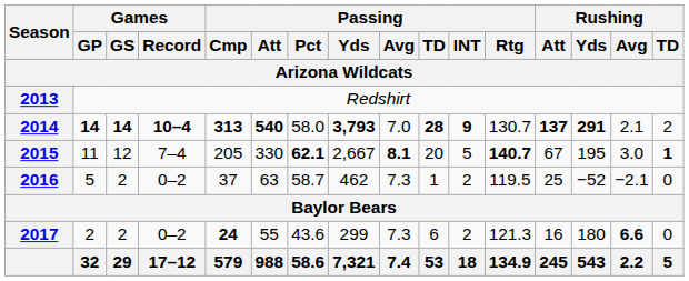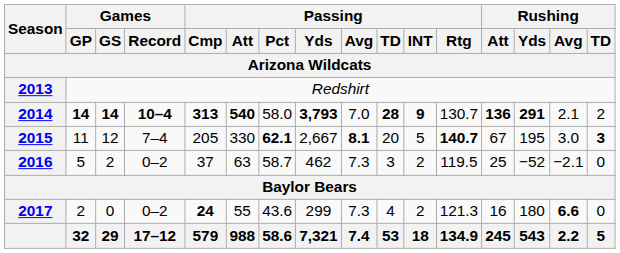 <table class="wikitable" style="text-align:center;">
 <tr>
 <th rowspan="2">Season</th>
 <th colspan="3">Games</th>
 <th colspan="8">Passing</th>
 <th colspan="4">Rushing</th>
 </tr>
 <tr>
 <th>GP</th>
 <th>GS</th>
 <th>Record</th>
 <th>Cmp</th>
 <th>Att</th>
 <th>Pct</th>
 <th>Yds</th>
 <th>Avg</th>
 <th>TD</th>
 <th>INT</th>
 <th>Rtg</th>
 <th>Att</th>
 <th>Yds</th>
 <th>Avg</th>
 <th>TD</th>
 </tr>
 <tr>
 <th colspan="16">Arizona Wildcats</th>
 </tr>
 <tr>
 <th><a href='#'>2013</a></th>
 <td colspan="15"><em> Redshirt</em></td>
 </tr>
 <tr>
 <th><a href='#'>2014</a></th>
 <td><strong>14</strong></td>
 <td><strong>14</strong></td>
 <td><strong>10–4</strong></td>
 <td><strong>313</strong></td>
 <td><strong>540</strong></td>
 <td>58.0</td>
 <td><strong>3,793</strong></td>
 <td>7.0</td>
 <td><strong>28</strong></td>
 <td><strong>9</strong></td>
 <td>130.7</td>
-<td><strong>137</strong></td>
+<td><strong>136</strong></td>
 <td><strong>291</strong></td>
 <td>2.1</td>
 <td>2</td>
 </tr>
 <tr>
 <th><a href='#'>2015</a></th>
 <td>11</td>
 <td>12</td>
 <td>7–4</td>
 <td>205</td>
 <td>330</td>
 <td><strong>62.1</strong></td>
 <td>2,667</td>
 <td><strong>8.1</strong></td>
 <td>20</td>
 <td>5</td>
 <td><strong>140.7</strong></td>
 <td>67</td>
 <td>195</td>
 <td>3.0</td>
-<td><strong>1</strong></td>
+<td><strong>3</strong></td>
 </tr>
 <tr>
 <th><a href='#'>2016</a></th>
 <td>5</td>
 <td>2</td>
 <td>0–2</td>
 <td>37</td>
 <td>63</td>
 <td>58.7</td>
 <td>462</td>
 <td>7.3</td>
-<td>1</td>
+<td>3</td>
 <td>2</td>
 <td>119.5</td>
 <td>25</td>
 <td>−52</td>
 <td>−2.1</td>
 <td>0</td>
 </tr>
 <tr>
 <th colspan="16">Baylor Bears</th>
 </tr>
 <tr>
 <th><a href='#'>2017</a></th>
 <td>2</td>
-<td>2</td>
+<td>0</td>
 <td>0–2</td>
 <td><strong>24</strong></td>
 <td>55</td>
 <td>43.6</td>
 <td>299</td>
 <td>7.3</td>
-<td>6</td>
+<td>4</td>
 <td>2</td>
 <td>121.3</td>
 <td>16</td>
 <td>180</td>
 <td><strong>6.6</strong></td>
 <td>0</td>
 </tr>
 <tr>
 <th></th>
 <th>32</th>
 <th>29</th>
 <th>17–12</th>
 <th>579</th>
 <th>988</th>
 <th>58.6</th>
 <th>7,321</th>
 <th>7.4</th>
 <th>53</th>
 <th>18</th>
 <th>134.9</th>
 <th>245</th>
 <th>543</th>
 <th>2.2</th>
 <th>5</th>
 </tr>
 </table>
